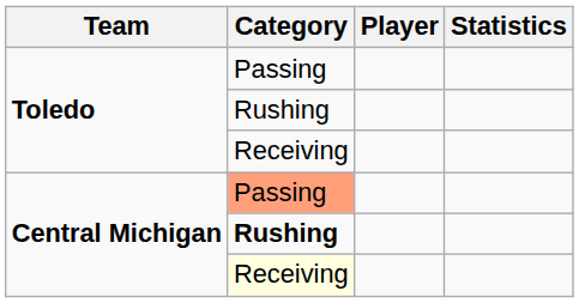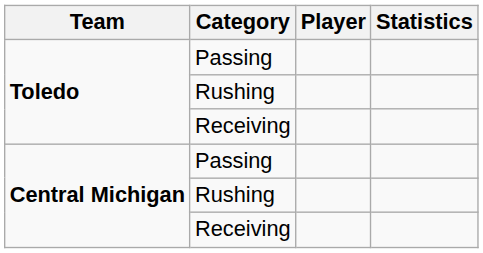 <table class="wikitable" style="float: left;">
 <tr>
 <th>Team</th>
 <th>Category</th>
 <th>Player</th>
 <th>Statistics</th>
 </tr>
 <tr>
 <td rowspan=3><strong>Toledo</strong></td>
 <td>Passing</td>
 <td></td>
 <td></td>
 </tr>
 <tr>
 <td>Rushing</td>
 <td></td>
 <td></td>
 </tr>
 <tr>
 <td>Receiving</td>
 <td></td>
 <td></td>
 </tr>
 <tr>
 <td rowspan=3><strong>Central Michigan</strong></td>
-<td style="background: lightsalmon;">Passing</td>
+<td>Passing</td>
 <td></td>
 <td></td>
 </tr>
 <tr>
-<td><strong>Rushing</strong></td>
+<td>Rushing</td>
 <td></td>
 <td></td>
 </tr>
 <tr>
-<td style="background: lightyellow;">Receiving</td>
+<td>Receiving</td>
 <td></td>
 <td></td>
 </tr>
 </table>
